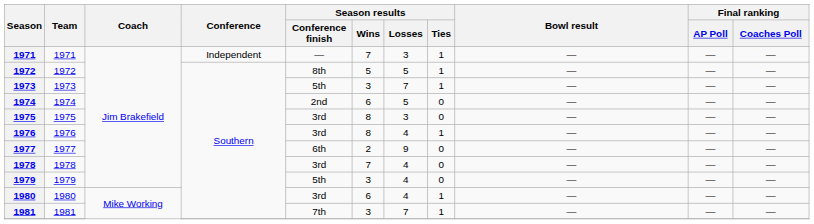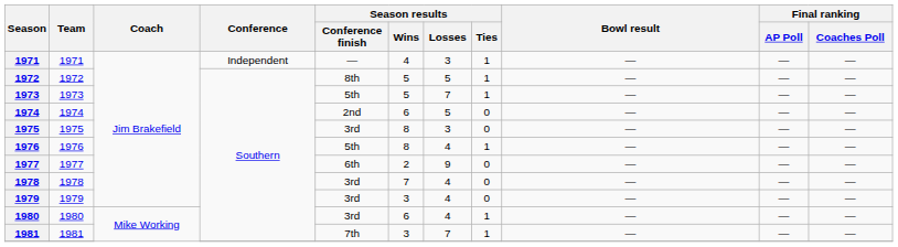 <table class="wikitable" style="font-size: 95%; width:98%;">
 <tr>
 <th rowspan="2" style="width:5%;">Season</th>
 <th rowspan="2" style="width:5%;">Team</th>
 <th rowspan="2" style="width:12%;">Coach</th>
 <th rowspan="2" style="width:13%;">Conference</th>
 <th colspan="4">Season results</th>
 <th rowspan="2" style="width:29%;">Bowl result</th>
 <th colspan="3" style="width:15%;">Final ranking</th>
 </tr>
 <tr>
 <th>Conference<br>finish</th>
 <th>Wins</th>
 <th>Losses</th>
 <th>Ties</th>
 <th><a href='#'>AP Poll</a></th>
 <th><a href='#'>Coaches Poll</a></th>
 </tr>
 <tr>
 <th scope="row" align="center"><a href='#'>1971</a></th>
 <td align="center"><a href='#'>1971</a></td>
 <td align="center" rowspan="9"><a href='#'>Jim Brakefield</a></td>
 <td align="center">Independent</td>
 <td align="center">—</td>
-<td align="center">7</td>
+<td align="center">4</td>
 <td align="center">3</td>
 <td align="center">1</td>
 <td align="center">—</td>
 <td align="center">—</td>
 <td align="center">—</td>
 </tr>
 <tr>
 <th scope="row" align="center"><a href='#'>1972</a></th>
 <td align="center"><a href='#'>1972</a></td>
 <td align="center" rowspan="10"><a href='#'>Southern</a></td>
 <td align="center">8th</td>
 <td align="center">5</td>
 <td align="center">5</td>
 <td align="center">1</td>
 <td align="center">—</td>
 <td align="center">—</td>
 <td align="center">—</td>
 </tr>
 <tr>
 <th scope="row" align="center"><a href='#'>1973</a></th>
 <td align="center"><a href='#'>1973</a></td>
 <td align="center">5th</td>
-<td align="center">3</td>
+<td align="center">5</td>
 <td align="center">7</td>
 <td align="center">1</td>
 <td align="center">—</td>
 <td align="center">—</td>
 <td align="center">—</td>
 </tr>
 <tr>
 <th scope="row" align="center"><a href='#'>1974</a></th>
 <td align="center"><a href='#'>1974</a></td>
 <td align="center">2nd</td>
 <td align="center">6</td>
 <td align="center">5</td>
 <td align="center">0</td>
 <td align="center">—</td>
 <td align="center">—</td>
 <td align="center">—</td>
 </tr>
 <tr>
 <th scope="row" align="center"><a href='#'>1975</a></th>
 <td align="center"><a href='#'>1975</a></td>
 <td align="center">3rd</td>
 <td align="center">8</td>
 <td align="center">3</td>
 <td align="center">0</td>
 <td align="center">—</td>
 <td align="center">—</td>
 <td align="center">—</td>
 </tr>
 <tr>
 <th scope="row" align="center"><a href='#'>1976</a></th>
 <td align="center"><a href='#'>1976</a></td>
-<td align="center">3rd</td>
+<td align="center">5th</td>
 <td align="center">8</td>
 <td align="center">4</td>
 <td align="center">1</td>
 <td align="center">—</td>
 <td align="center">—</td>
 <td align="center">—</td>
 </tr>
 <tr>
 <th scope="row" align="center"><a href='#'>1977</a></th>
 <td align="center"><a href='#'>1977</a></td>
 <td align="center">6th</td>
 <td align="center">2</td>
 <td align="center">9</td>
 <td align="center">0</td>
 <td align="center">—</td>
 <td align="center">—</td>
 <td align="center">—</td>
 </tr>
 <tr>
 <th scope="row" align="center"><a href='#'>1978</a></th>
 <td align="center"><a href='#'>1978</a></td>
 <td align="center">3rd</td>
 <td align="center">7</td>
 <td align="center">4</td>
 <td align="center">0</td>
 <td align="center">—</td>
 <td align="center">—</td>
 <td align="center">—</td>
 </tr>
 <tr>
 <th scope="row" align="center"><a href='#'>1979</a></th>
 <td align="center"><a href='#'>1979</a></td>
-<td align="center">5th</td>
+<td align="center">3rd</td>
 <td align="center">3</td>
 <td align="center">4</td>
 <td align="center">0</td>
 <td align="center">—</td>
 <td align="center">—</td>
 <td align="center">—</td>
 </tr>
 <tr>
 <th scope="row" align="center"><a href='#'>1980</a></th>
 <td align="center"><a href='#'>1980</a></td>
 <td align="center" rowspan="3"><a href='#'>Mike Working</a></td>
 <td align="center">3rd</td>
 <td align="center">6</td>
 <td align="center">4</td>
 <td align="center">1</td>
 <td align="center">—</td>
 <td align="center">—</td>
 <td align="center">—</td>
 </tr>
 <tr>
 <th scope="row" align="center"><a href='#'>1981</a></th>
 <td align="center"><a href='#'>1981</a></td>
 <td align="center">7th</td>
 <td align="center">3</td>
 <td align="center">7</td>
 <td align="center">1</td>
 <td align="center">—</td>
 <td align="center">—</td>
 <td align="center">—</td>
 </tr>
 <tr>
 </tr>
 </table>
